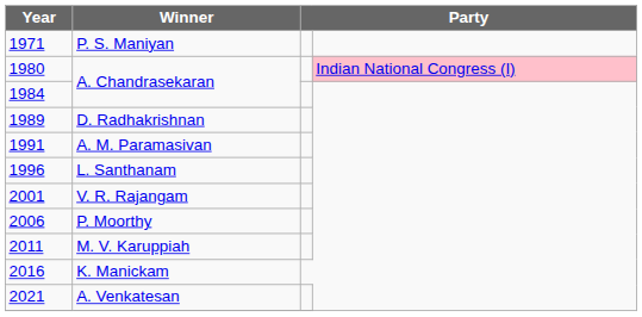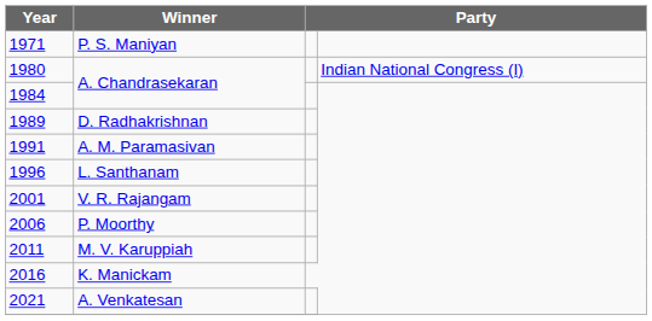 <table class="wikitable" width="50%">
 <tr>
 <th style="background-color:#666666; color:white">Year</th>
 <th style="background-color:#666666; color:white">Winner</th>
 <th style="background-color:#666666; color:white" colspan="2">Party</th>
 </tr>
 <tr>
 <td><a href='#'>1971</a></td>
 <td><a href='#'>P. S. Maniyan</a></td>
 <td></td>
 </tr>
 <tr>
 <td><a href='#'>1980</a></td>
 <td rowspan=2><a href='#'>A. Chandrasekaran</a></td>
 <td></td>
-<td style="background: pink;"><a href='#'>Indian National Congress (I)</a></td>
+<td><a href='#'>Indian National Congress (I)</a></td>
 </tr>
 <tr>
 <td><a href='#'>1984</a></td>
 <td></td>
 </tr>
 <tr>
 <td><a href='#'>1989</a></td>
 <td><a href='#'>D. Radhakrishnan</a></td>
 <td></td>
 </tr>
 <tr>
 <td><a href='#'>1991</a></td>
 <td><a href='#'>A. M. Paramasivan</a></td>
 <td></td>
 </tr>
 <tr>
 <td><a href='#'>1996</a></td>
 <td><a href='#'>L. Santhanam</a></td>
 <td></td>
 </tr>
 <tr>
 <td><a href='#'>2001</a></td>
 <td><a href='#'>V. R. Rajangam</a></td>
 <td></td>
 </tr>
 <tr>
 <td><a href='#'>2006</a></td>
 <td><a href='#'>P. Moorthy</a></td>
 <td></td>
 </tr>
 <tr>
 <td><a href='#'>2011</a></td>
 <td><a href='#'>M. V. Karuppiah</a></td>
 <td></td>
 </tr>
 <tr>
 <td><a href='#'>2016</a></td>
 <td><a href='#'>K. Manickam</a></td>
 </tr>
 <tr>
 <td><a href='#'>2021</a></td>
 <td><a href='#'>A. Venkatesan</a></td>
 <td></td>
 </tr>
 <tr>
 </tr>
 </table>
